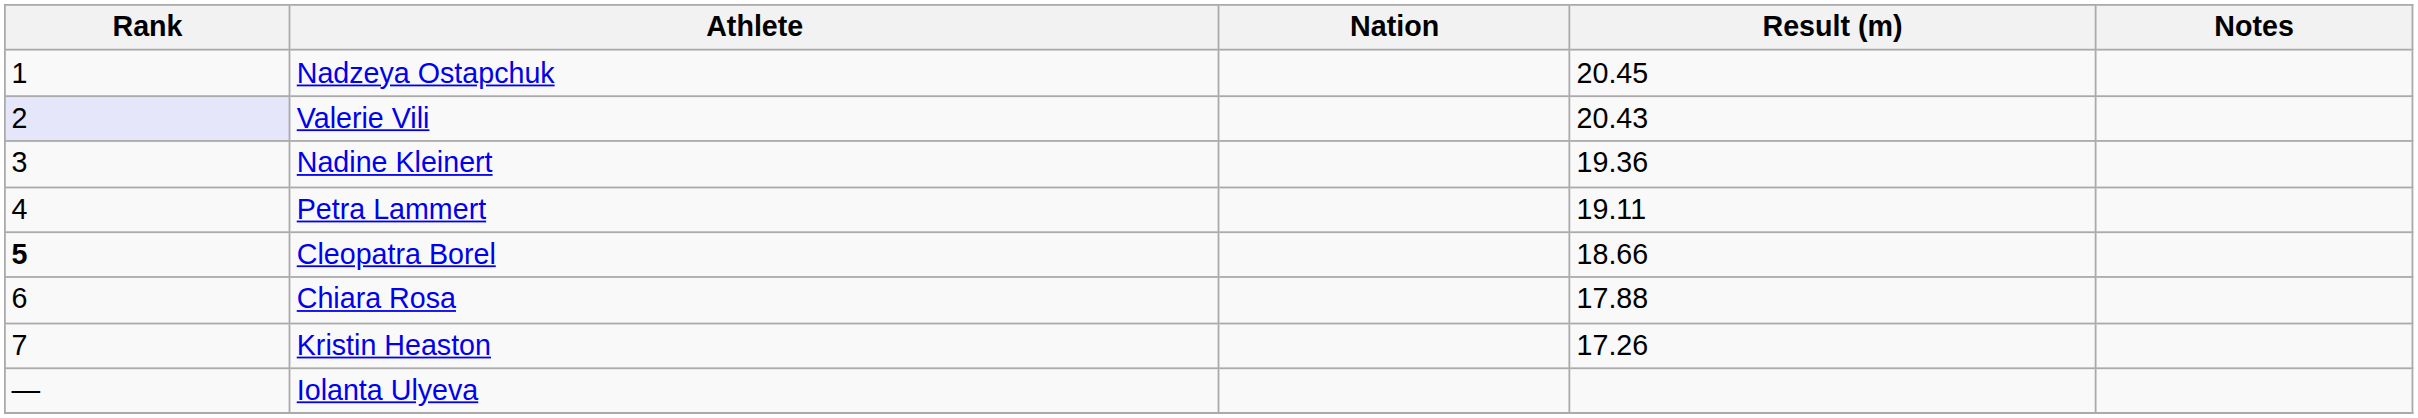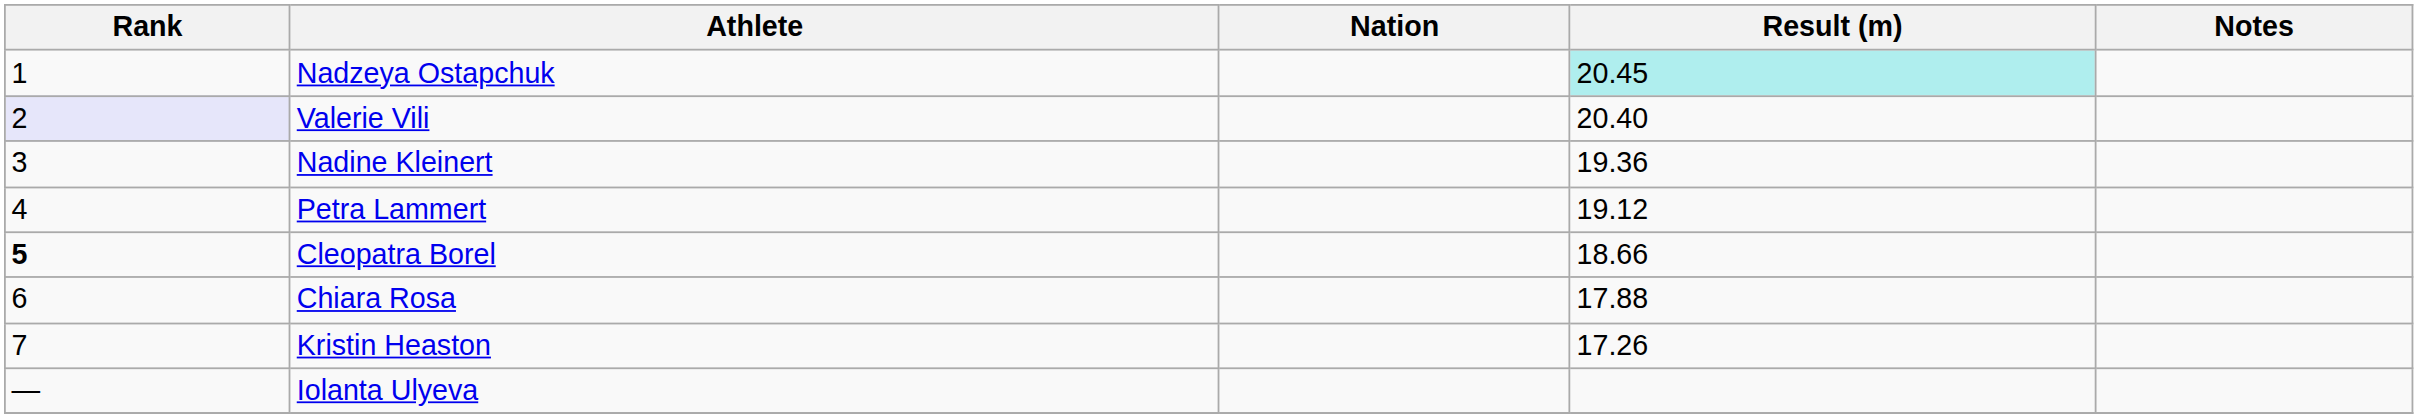 <table class="wikitable" style="text=align:center;" width=85%>
 <tr>
 <th>Rank</th>
 <th>Athlete</th>
 <th>Nation</th>
 <th>Result (m)</th>
 <th>Notes</th>
 </tr>
 <tr>
 <td>1</td>
 <td><a href='#'>Nadzeya Ostapchuk</a></td>
 <td></td>
-<td>20.45</td>
+<td style="background: paleturquoise;">20.45</td>
 <td></td>
 </tr>
 <tr>
 <td style="background: lavender;">2</td>
 <td><a href='#'>Valerie Vili</a></td>
 <td></td>
-<td>20.43</td>
+<td>20.40</td>
 <td></td>
 </tr>
 <tr>
 <td>3</td>
 <td><a href='#'>Nadine Kleinert</a></td>
 <td></td>
 <td>19.36</td>
 <td></td>
 </tr>
 <tr>
 <td>4</td>
 <td><a href='#'>Petra Lammert</a></td>
 <td></td>
-<td>19.11</td>
+<td>19.12</td>
 <td></td>
 </tr>
 <tr>
 <td><strong>5</strong></td>
 <td><a href='#'>Cleopatra Borel</a></td>
 <td></td>
 <td>18.66</td>
 <td></td>
 </tr>
 <tr>
 <td>6</td>
 <td><a href='#'>Chiara Rosa</a></td>
 <td></td>
 <td>17.88</td>
 <td></td>
 </tr>
 <tr>
 <td>7</td>
 <td><a href='#'>Kristin Heaston</a></td>
 <td></td>
 <td>17.26</td>
 <td></td>
 </tr>
 <tr>
 <td>—</td>
 <td><a href='#'>Iolanta Ulyeva</a></td>
 <td></td>
 <td></td>
 <td></td>
 </tr>
 <tr>
 </tr>
 </table>
